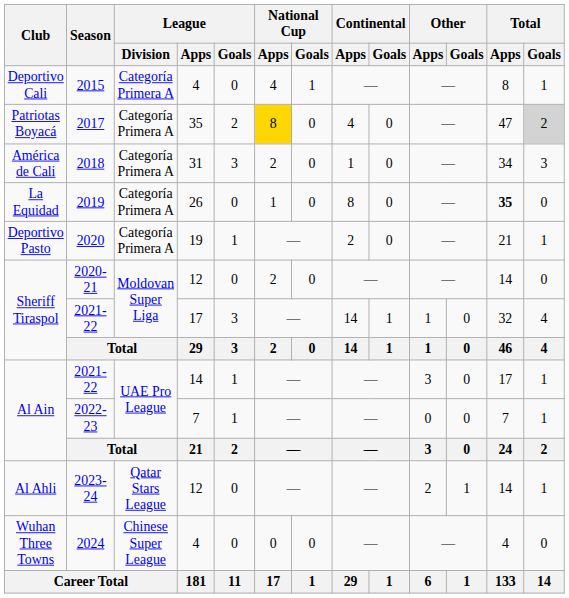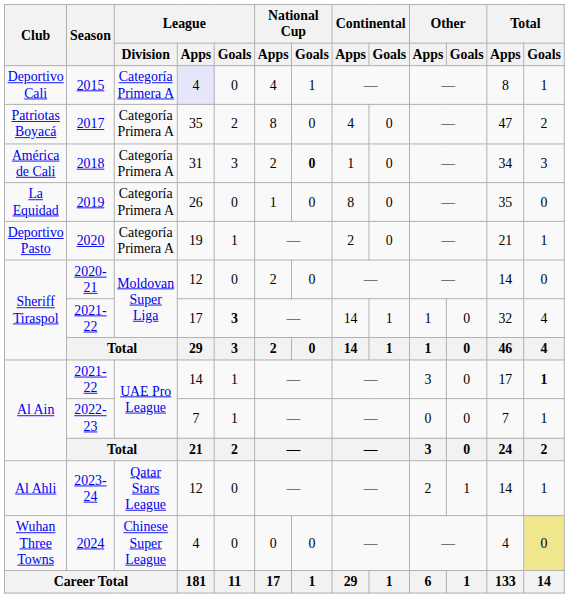 <table class="wikitable" style="text-align: center; font-size:96%">
 <tr>
 <th rowspan="2">Club</th>
 <th rowspan="2">Season</th>
 <th colspan="3">League</th>
 <th colspan="2">National Cup</th>
 <th colspan="2">Continental</th>
 <th colspan="2">Other</th>
 <th colspan="2">Total</th>
 </tr>
 <tr>
 <th>Division</th>
 <th>Apps</th>
 <th>Goals</th>
 <th>Apps</th>
 <th>Goals</th>
 <th>Apps</th>
 <th>Goals</th>
 <th>Apps</th>
 <th>Goals</th>
 <th>Apps</th>
 <th>Goals</th>
 </tr>
 <tr>
 <td><a href='#'>Deportivo Cali</a></td>
 <td><a href='#'>2015</a></td>
 <td><a href='#'>Categoría Primera A</a></td>
-<td>4</td>
+<td style="background: lavender;">4</td>
 <td>0</td>
 <td>4</td>
 <td>1</td>
 <td colspan="2">—</td>
 <td colspan="2">—</td>
 <td>8</td>
 <td>1</td>
 </tr>
 <tr>
 <td><a href='#'>Patriotas Boyacá</a></td>
 <td><a href='#'>2017</a></td>
 <td>Categoría Primera A</td>
 <td>35</td>
 <td>2</td>
-<td style="background: gold;">8</td>
+<td>8</td>
 <td>0</td>
 <td>4</td>
 <td>0</td>
 <td colspan="2">—</td>
 <td>47</td>
-<td style="background: lightgrey;">2</td>
+<td>2</td>
 </tr>
 <tr>
 <td><a href='#'>América de Cali</a></td>
 <td><a href='#'>2018</a></td>
 <td>Categoría Primera A</td>
 <td>31</td>
 <td>3</td>
 <td>2</td>
-<td>0</td>
+<td><strong>0</strong></td>
 <td>1</td>
 <td>0</td>
 <td colspan="2">—</td>
 <td>34</td>
 <td>3</td>
 </tr>
 <tr>
 <td><a href='#'>La Equidad</a></td>
 <td><a href='#'>2019</a></td>
 <td>Categoría Primera A</td>
 <td>26</td>
 <td>0</td>
 <td>1</td>
 <td>0</td>
 <td>8</td>
 <td>0</td>
 <td colspan="2">—</td>
-<td><strong>35</strong></td>
+<td>35</td>
 <td>0</td>
 </tr>
 <tr>
 <td><a href='#'>Deportivo Pasto</a></td>
 <td><a href='#'>2020</a></td>
 <td>Categoría Primera A</td>
 <td>19</td>
 <td>1</td>
 <td colspan="2">—</td>
 <td>2</td>
 <td>0</td>
 <td colspan="2">—</td>
 <td>21</td>
 <td>1</td>
 </tr>
 <tr>
 <td rowspan="3"><a href='#'>Sheriff Tiraspol</a></td>
 <td><a href='#'>2020-21</a></td>
 <td rowspan="2"><a href='#'>Moldovan Super Liga</a></td>
 <td>12</td>
 <td>0</td>
 <td>2</td>
 <td>0</td>
 <td colspan="2">—</td>
 <td colspan="2">—</td>
 <td>14</td>
 <td>0</td>
 </tr>
 <tr>
 <td><a href='#'>2021-22</a></td>
 <td>17</td>
-<td>3</td>
+<td><strong>3</strong></td>
 <td colspan="2">—</td>
 <td>14</td>
 <td>1</td>
 <td>1</td>
 <td>0</td>
 <td>32</td>
 <td>4</td>
 </tr>
 <tr>
 <th colspan="2">Total</th>
 <th>29</th>
 <th>3</th>
 <th>2</th>
 <th>0</th>
 <th>14</th>
 <th>1</th>
 <th>1</th>
 <th>0</th>
 <th>46</th>
 <th>4</th>
 </tr>
 <tr>
 <td rowspan="3"><a href='#'>Al Ain</a></td>
 <td><a href='#'>2021-22</a></td>
 <td rowspan="2"><a href='#'>UAE Pro League</a></td>
 <td>14</td>
 <td>1</td>
 <td colspan="2">—</td>
 <td colspan="2">—</td>
 <td>3</td>
 <td>0</td>
 <td>17</td>
-<td>1</td>
+<td><strong>1</strong></td>
 </tr>
 <tr>
 <td><a href='#'>2022-23</a></td>
 <td>7</td>
 <td>1</td>
 <td colspan="2">—</td>
 <td colspan="2">—</td>
 <td>0</td>
 <td>0</td>
 <td>7</td>
 <td>1</td>
 </tr>
 <tr>
 <th colspan="2">Total</th>
 <th>21</th>
 <th>2</th>
 <th colspan="2">—</th>
 <th colspan="2">—</th>
 <th>3</th>
 <th>0</th>
 <th>24</th>
 <th>2</th>
 </tr>
 <tr>
 <td><a href='#'>Al Ahli</a></td>
 <td><a href='#'>2023-24</a></td>
 <td><a href='#'>Qatar Stars League</a></td>
 <td>12</td>
 <td>0</td>
 <td colspan="2">—</td>
 <td colspan="2">—</td>
 <td>2</td>
 <td>1</td>
 <td>14</td>
 <td>1</td>
 </tr>
 <tr>
 <td><a href='#'>Wuhan Three Towns</a></td>
 <td><a href='#'>2024</a></td>
 <td><a href='#'>Chinese Super League</a></td>
 <td>4</td>
 <td>0</td>
 <td>0</td>
 <td>0</td>
 <td colspan="2">—</td>
 <td colspan="2">—</td>
 <td>4</td>
-<td>0</td>
+<td style="background: khaki;">0</td>
 </tr>
 <tr>
 <th colspan="3">Career Total</th>
 <th>181</th>
 <th>11</th>
 <th>17</th>
 <th>1</th>
 <th>29</th>
 <th>1</th>
 <th>6</th>
 <th>1</th>
 <th>133</th>
 <th>14</th>
 </tr>
 </table>
